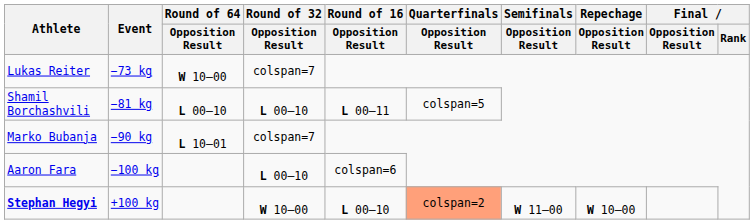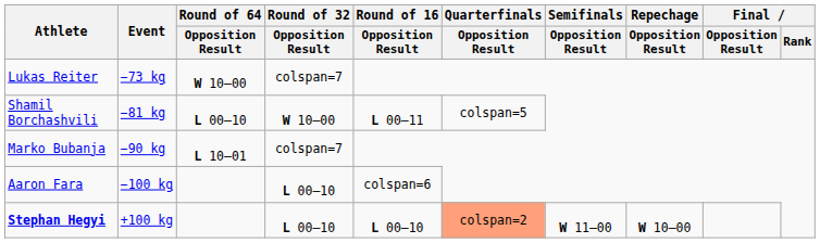 <table class="wikitable" style="text-align:center; font-size:90%">
 <tr>
 <th rowspan=2 width=100>Athlete</th>
 <th rowspan=2>Event</th>
 <th>Round of 64</th>
 <th>Round of 32</th>
 <th>Round of 16</th>
 <th>Quarterfinals</th>
 <th>Semifinals</th>
 <th>Repechage</th>
 <th colspan=2>Final / </th>
 </tr>
 <tr style="font-size:95%">
 <th>Opposition<br>Result</th>
 <th>Opposition<br>Result</th>
 <th>Opposition<br>Result</th>
 <th>Opposition<br>Result</th>
 <th>Opposition<br>Result</th>
 <th>Opposition<br>Result</th>
 <th>Opposition<br>Result</th>
 <th>Rank</th>
 </tr>
 <tr>
 <td align=left><a href='#'>Lukas Reiter</a></td>
 <td align=left><a href='#'>−73 kg</a></td>
 <td><br><strong>W</strong> 10–00</td>
 <td>colspan=7 </td>
 </tr>
 <tr>
 <td align=left><a href='#'>Shamil Borchashvili </a></td>
 <td align=left><a href='#'>−81 kg</a></td>
 <td><br><strong>L</strong> 00–10</td>
-<td><br><strong>L</strong> 00–10</td>
+<td><br><strong>W</strong> 10–00</td>
 <td><br><strong>L</strong> 00–11</td>
 <td>colspan=5 </td>
 </tr>
 <tr>
 <td align=left><a href='#'>Marko Bubanja</a></td>
 <td align=left><a href='#'>−90 kg</a></td>
 <td><br><strong>L</strong> 10–01</td>
 <td>colspan=7 </td>
 </tr>
 <tr>
 <td align=left><a href='#'>Aaron Fara</a></td>
 <td align=left><a href='#'>−100 kg</a></td>
 <td></td>
 <td><br><strong>L</strong> 00–10</td>
 <td>colspan=6 </td>
 </tr>
 <tr>
 <td align=left><strong><a href='#'>Stephan Hegyi</a></strong></td>
 <td align=left><a href='#'>+100 kg</a></td>
 <td></td>
-<td><br><strong>W</strong> 10–00</td>
+<td><br><strong>L</strong> 00–10</td>
 <td><br><strong>L</strong> 00–10</td>
 <td style="background: lightsalmon;">colspan=2 </td>
 <td><br><strong>W</strong> 11–00</td>
 <td><br><strong>W</strong> 10–00</td>
 <td></td>
 </tr>
 </table>
